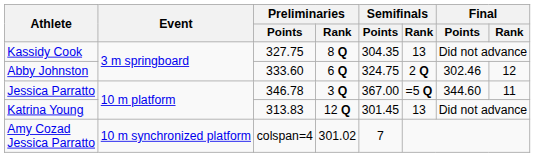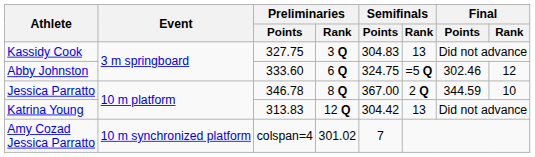 <table class=wikitable style=font-size:90%;text-align:center>
 <tr>
 <th rowspan=2>Athlete</th>
 <th rowspan=2>Event</th>
 <th colspan=2>Preliminaries</th>
 <th colspan=2>Semifinals</th>
 <th colspan=2>Final</th>
 </tr>
 <tr style=font-size:95%>
 <th>Points</th>
 <th>Rank</th>
 <th>Points</th>
 <th>Rank</th>
 <th>Points</th>
 <th>Rank</th>
 </tr>
 <tr>
 <td align=left><a href='#'>Kassidy Cook</a></td>
 <td align=left rowspan=2><a href='#'>3 m springboard</a></td>
 <td>327.75</td>
-<td>8 <strong>Q</strong></td>
-<td>304.35</td>
+<td>3 <strong>Q</strong></td>
+<td>304.83</td>
 <td>13</td>
 <td colspan=2>Did not advance</td>
 </tr>
 <tr>
 <td align=left><a href='#'>Abby Johnston</a></td>
 <td>333.60</td>
 <td>6 <strong>Q</strong></td>
 <td>324.75</td>
-<td>2 <strong>Q</strong></td>
+<td>=5 <strong>Q</strong></td>
 <td>302.46</td>
 <td>12</td>
 </tr>
 <tr>
 <td align=left><a href='#'>Jessica Parratto</a></td>
 <td align=left rowspan=2><a href='#'>10 m platform</a></td>
 <td>346.78</td>
-<td>3 <strong>Q</strong></td>
+<td>8 <strong>Q</strong></td>
 <td>367.00</td>
-<td>=5 <strong>Q</strong></td>
-<td>344.60</td>
-<td>11</td>
+<td>2 <strong>Q</strong></td>
+<td>344.59</td>
+<td>10</td>
 </tr>
 <tr>
 <td align=left><a href='#'>Katrina Young</a></td>
 <td>313.83</td>
 <td>12 <strong>Q</strong></td>
-<td>301.45</td>
+<td>304.42</td>
 <td>13</td>
 <td colspan=2>Did not advance</td>
 </tr>
 <tr>
 <td align=left><a href='#'>Amy Cozad</a><br><a href='#'>Jessica Parratto</a></td>
 <td align=left><a href='#'>10 m synchronized platform</a></td>
 <td>colspan=4 </td>
 <td>301.02</td>
 <td>7</td>
 </tr>
 </table>
